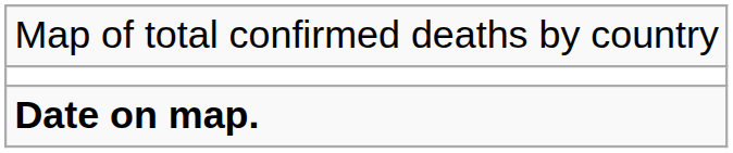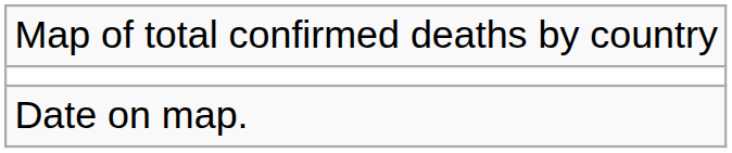 <table class=wikitable>
 <tr>
 <td style=max-width:300px>Map of total confirmed deaths by country</td>
 </tr>
 <tr>
 <td style=background-color:white;></td>
 </tr>
 <tr>
-<td style=max-width:300px><strong>Date on map.</strong></td>
+<td style=max-width:300px>Date on map.</td>
 </tr>
 </table>
